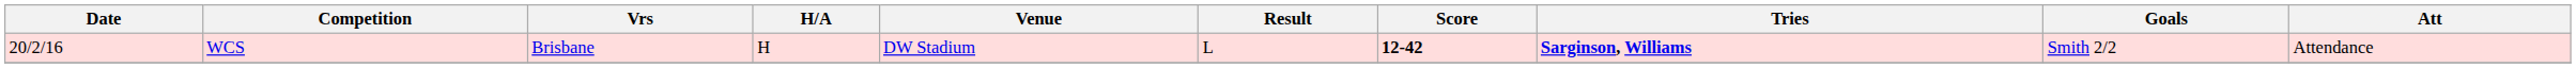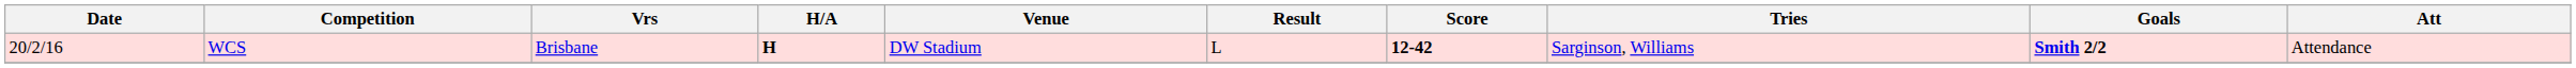 <table class="wikitable" style="font-size:85%;" width="100%">
 <tr>
 <th>Date</th>
 <th>Competition</th>
 <th>Vrs</th>
 <th>H/A</th>
 <th>Venue</th>
 <th>Result</th>
 <th>Score</th>
 <th>Tries</th>
 <th>Goals</th>
 <th>Att</th>
 </tr>
 <tr style="background:#ffdddd;" width=20 | >
 <td>20/2/16</td>
 <td><a href='#'>WCS</a></td>
 <td><a href='#'>Brisbane</a></td>
-<td>H</td>
+<td><strong>H</strong></td>
 <td><a href='#'>DW Stadium</a></td>
 <td>L</td>
 <td><strong>12-42</strong></td>
-<td><strong><a href='#'>Sarginson</a>, <a href='#'>Williams</a></strong></td>
-<td><a href='#'>Smith</a> 2/2</td>
+<td><a href='#'>Sarginson</a>, <a href='#'>Williams</a></td>
+<td><strong><a href='#'>Smith</a> 2/2</strong></td>
 <td>Attendance</td>
 </tr>
 <tr>
 </tr>
 </table>
